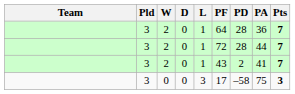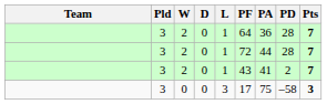 <table class="wikitable" style="text-align:center;">
 <tr>
 <th width="190">Team</th>
 <th width="20" abbr="Played">Pld</th>
 <th width="20" abbr="Won">W</th>
 <th width="20" abbr="Drawn">D</th>
 <th width="20" abbr="Lost">L</th>
 <th width="20" abbr="Points for">PF</th>
+<th width="20" abbr="Points against">PA</th>
 <th width="25" abbr="Points difference">PD</th>
-<th width="20" abbr="Points against">PA</th>
 <th width="20" abbr="Points">Pts</th>
 </tr>
 <tr style="background:#ccffcc">
 <td align="left"></td>
 <td>3</td>
 <td>2</td>
 <td>0</td>
 <td>1</td>
 <td>64</td>
+<td>36</td>
 <td>28</td>
-<td>36</td>
 <td><strong>7</strong></td>
 </tr>
 <tr style="background:#ccffcc">
 <td align="left"></td>
 <td>3</td>
 <td>2</td>
 <td>0</td>
 <td>1</td>
 <td>72</td>
+<td>44</td>
 <td>28</td>
-<td>44</td>
 <td><strong>7</strong></td>
 </tr>
 <tr style="background:#ccffcc">
 <td align="left"></td>
 <td>3</td>
 <td>2</td>
 <td>0</td>
 <td>1</td>
 <td>43</td>
+<td>41</td>
 <td>2</td>
-<td>41</td>
 <td><strong>7</strong></td>
 </tr>
 <tr>
 <td align="left"></td>
 <td>3</td>
 <td>0</td>
 <td>0</td>
 <td>3</td>
 <td>17</td>
+<td>75</td>
 <td>–58</td>
-<td>75</td>
 <td><strong>3</strong></td>
 </tr>
 </table>
